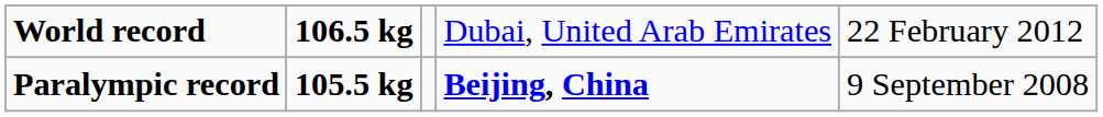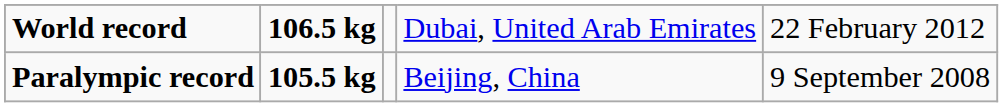 <table class="wikitable">
 <tr>
 <td><strong>World record</strong></td>
 <td><strong>106.5 kg</strong></td>
 <td></td>
 <td><a href='#'>Dubai</a>, <a href='#'>United Arab Emirates</a></td>
 <td>22 February 2012</td>
 </tr>
 <tr>
 <td><strong>Paralympic record</strong></td>
 <td><strong>105.5 kg</strong></td>
 <td></td>
-<td><strong><a href='#'>Beijing</a>, <a href='#'>China</a></strong></td>
+<td><a href='#'>Beijing</a>, <a href='#'>China</a></td>
 <td>9 September 2008</td>
 </tr>
 </table>
